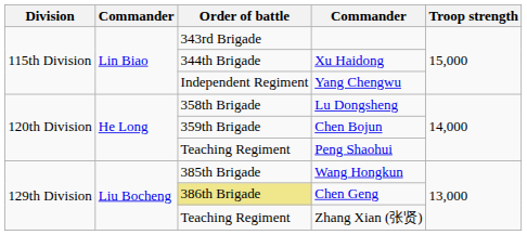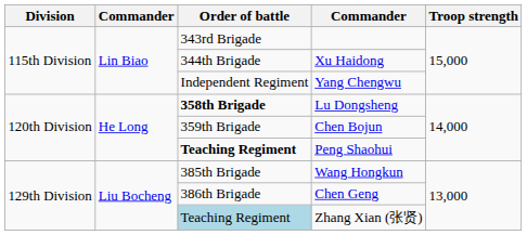 <table class="wikitable">
 <tr>
 <th>Division</th>
 <th>Commander</th>
 <th>Order of battle</th>
 <th>Commander</th>
 <th>Troop strength</th>
 </tr>
 <tr>
 <td rowspan="3">115th Division</td>
 <td rowspan="3"><a href='#'>Lin Biao</a></td>
 <td>343rd Brigade</td>
 <td></td>
 <td rowspan="3">15,000</td>
 </tr>
 <tr>
 <td>344th Brigade</td>
 <td><a href='#'>Xu Haidong</a></td>
 </tr>
 <tr>
 <td>Independent Regiment</td>
 <td><a href='#'>Yang Chengwu</a></td>
 </tr>
 <tr>
 <td rowspan="3">120th Division</td>
 <td rowspan="3"><a href='#'>He Long</a></td>
-<td>358th Brigade</td>
+<td><strong>358th Brigade</strong></td>
 <td><a href='#'>Lu Dongsheng</a></td>
 <td rowspan="3">14,000</td>
 </tr>
 <tr>
 <td>359th Brigade</td>
 <td><a href='#'>Chen Bojun</a></td>
 </tr>
 <tr>
-<td>Teaching Regiment</td>
+<td><strong>Teaching Regiment</strong></td>
 <td><a href='#'>Peng Shaohui</a></td>
 </tr>
 <tr>
 <td rowspan="3">129th Division</td>
 <td rowspan="3"><a href='#'>Liu Bocheng</a></td>
 <td>385th Brigade</td>
 <td><a href='#'>Wang Hongkun</a></td>
 <td rowspan="3">13,000</td>
 </tr>
 <tr>
-<td style="background: khaki;">386th Brigade</td>
+<td>386th Brigade</td>
 <td><a href='#'>Chen Geng</a></td>
 </tr>
 <tr>
-<td>Teaching Regiment</td>
+<td style="background: lightblue;">Teaching Regiment</td>
 <td>Zhang Xian (张贤)</td>
 </tr>
 </table>
